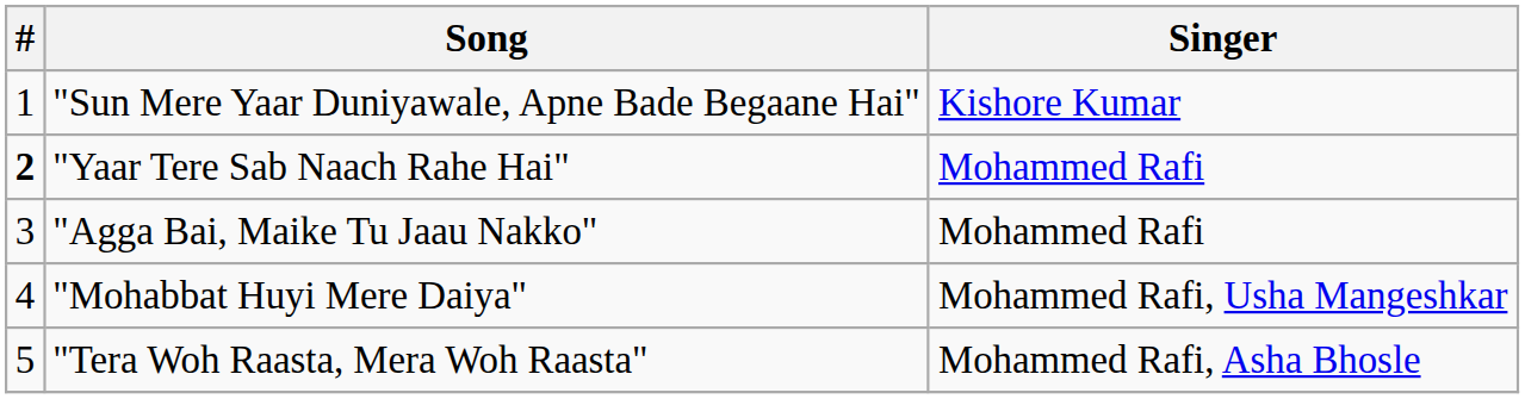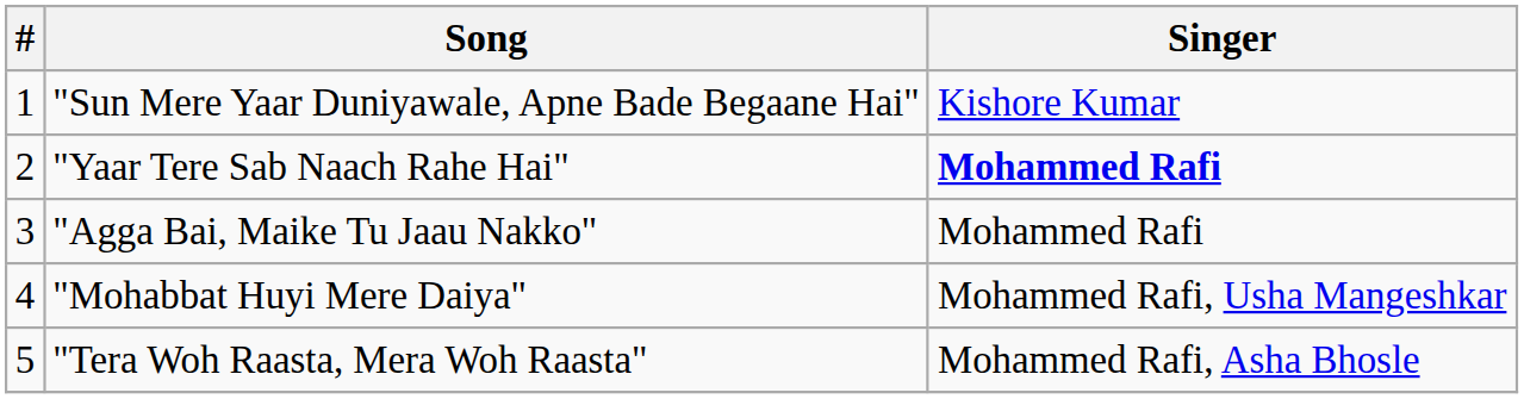 <table class="wikitable" style="font-size:95%;">
 <tr>
 <th>#</th>
 <th>Song</th>
 <th>Singer</th>
 </tr>
 <tr>
 <td>1</td>
 <td>"Sun Mere Yaar Duniyawale, Apne Bade Begaane Hai"</td>
 <td><a href='#'>Kishore Kumar</a></td>
 </tr>
 <tr>
-<td><strong>2</strong></td>
+<td>2</td>
 <td>"Yaar Tere Sab Naach Rahe Hai"</td>
-<td><a href='#'>Mohammed Rafi</a></td>
+<td><strong><a href='#'>Mohammed Rafi</a></strong></td>
 </tr>
 <tr>
 <td>3</td>
 <td>"Agga Bai, Maike Tu Jaau Nakko"</td>
 <td>Mohammed Rafi</td>
 </tr>
 <tr>
 <td>4</td>
 <td>"Mohabbat Huyi Mere Daiya"</td>
 <td>Mohammed Rafi, <a href='#'>Usha Mangeshkar</a></td>
 </tr>
 <tr>
 <td>5</td>
 <td>"Tera Woh Raasta, Mera Woh Raasta"</td>
 <td>Mohammed Rafi, <a href='#'>Asha Bhosle</a></td>
 </tr>
 <tr>
 </tr>
 </table>
